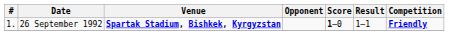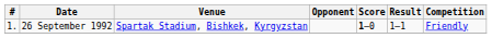 <table class="wikitable">
 <tr>
 <th>#</th>
 <th>Date</th>
 <th>Venue</th>
 <th>Opponent</th>
 <th>Score</th>
 <th>Result</th>
 <th>Competition</th>
 </tr>
 <tr>
 <td>1.</td>
 <td>26 September 1992</td>
-<td><strong><a href='#'>Spartak Stadium</a>, <a href='#'>Bishkek</a>, <a href='#'>Kyrgyzstan</a></strong></td>
+<td><a href='#'>Spartak Stadium</a>, <a href='#'>Bishkek</a>, <a href='#'>Kyrgyzstan</a></td>
 <td></td>
 <td><strong>1</strong>–0</td>
 <td>1–1</td>
-<td><strong><a href='#'>Friendly</a></strong></td>
+<td><a href='#'>Friendly</a></td>
 </tr>
 <tr>
 </tr>
 </table>
